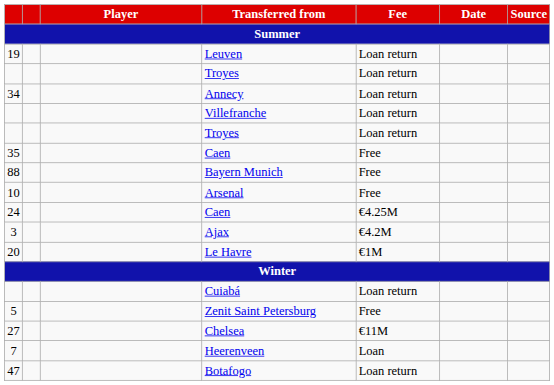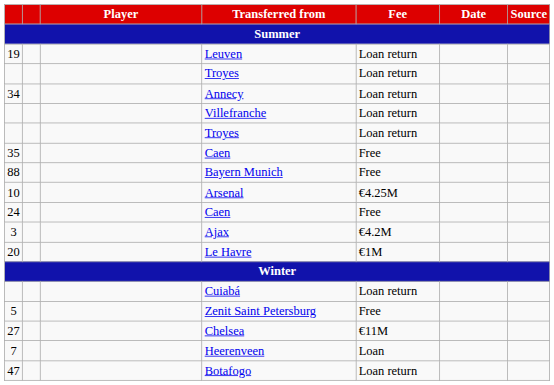 <table class="wikitable plainrowheaders sortable">
 <tr>
 <th style="background:#DD0000; color:white; scope=col; width:15px"></th>
 <th style="background:#DD0000; color:white; scope=col; width:15px"></th>
 <th style="background:#DD0000; color:white; scope=col; width:200px">Player</th>
 <th style="background:#DD0000; color:white; scope=col; width:190px">Transferred from</th>
 <th style="background:#DD0000; color:white; scope=col; width:100px">Fee</th>
 <th style="background:#DD0000; color:white; scope=col; width:80px">Date</th>
 <th style="background:#DD0000; color:white; scope=col; width:15px">Source</th>
 </tr>
 <tr>
 <th colspan="7" style="background:#1112AB; color:white;">Summer</th>
 </tr>
 <tr>
 <td align=center>19</td>
 <td align=center></td>
 <td></td>
 <td> <a href='#'>Leuven</a></td>
 <td>Loan return</td>
 <td></td>
 <td></td>
 </tr>
 <tr>
 <td align=center></td>
 <td align=center></td>
 <td></td>
 <td> <a href='#'>Troyes</a></td>
 <td>Loan return</td>
 <td></td>
 <td></td>
 </tr>
 <tr>
 <td align=center>34</td>
 <td align=center></td>
 <td></td>
 <td> <a href='#'>Annecy</a></td>
 <td>Loan return</td>
 <td></td>
 <td></td>
 </tr>
 <tr>
 <td align=center></td>
 <td align=center></td>
 <td></td>
 <td> <a href='#'>Villefranche</a></td>
 <td>Loan return</td>
 <td></td>
 <td></td>
 </tr>
 <tr>
 <td align=center></td>
 <td align=center></td>
 <td></td>
 <td> <a href='#'>Troyes</a></td>
 <td>Loan return</td>
 <td></td>
 <td></td>
 </tr>
 <tr>
 <td align=center>35</td>
 <td align=center></td>
 <td></td>
 <td> <a href='#'>Caen</a></td>
 <td>Free</td>
 <td></td>
 <td></td>
 </tr>
 <tr>
 <td align=center>88</td>
 <td align=center></td>
 <td></td>
 <td> <a href='#'>Bayern Munich</a></td>
 <td>Free</td>
 <td></td>
 <td></td>
 </tr>
 <tr>
 <td align=center>10</td>
 <td align=center></td>
 <td></td>
 <td> <a href='#'>Arsenal</a></td>
-<td>Free</td>
+<td>€4.25M</td>
 <td></td>
 <td></td>
 </tr>
 <tr>
 <td align=center>24</td>
 <td align=center></td>
 <td></td>
 <td> <a href='#'>Caen</a></td>
-<td>€4.25M</td>
+<td>Free</td>
 <td></td>
 <td></td>
 </tr>
 <tr>
 <td align=center>3</td>
 <td align=center></td>
 <td></td>
 <td> <a href='#'>Ajax</a></td>
 <td>€4.2M</td>
 <td></td>
 <td></td>
 </tr>
 <tr>
 <td align=center>20</td>
 <td align=center></td>
 <td></td>
 <td> <a href='#'>Le Havre</a></td>
 <td>€1M</td>
 <td></td>
 <td></td>
 </tr>
 <tr>
 <th colspan="7" style="background:#1112AB; color:white;">Winter</th>
 </tr>
 <tr>
 <td align=center></td>
 <td align=center></td>
 <td></td>
 <td> <a href='#'>Cuiabá</a></td>
 <td>Loan return</td>
 <td></td>
 <td></td>
 </tr>
 <tr>
 <td align=center>5</td>
 <td align=center></td>
 <td></td>
 <td> <a href='#'>Zenit Saint Petersburg</a></td>
 <td>Free</td>
 <td></td>
 <td></td>
 </tr>
 <tr>
 <td align=center>27</td>
 <td align=center></td>
 <td></td>
 <td> <a href='#'>Chelsea</a></td>
 <td>€11M</td>
 <td></td>
 <td></td>
 </tr>
 <tr>
 <td align=center>7</td>
 <td align=center></td>
 <td></td>
 <td> <a href='#'>Heerenveen</a></td>
 <td>Loan</td>
 <td></td>
 <td></td>
 </tr>
 <tr>
 <td align=center>47</td>
 <td align=center></td>
 <td></td>
 <td> <a href='#'>Botafogo</a></td>
 <td>Loan return</td>
 <td></td>
 <td></td>
 </tr>
 </table>
